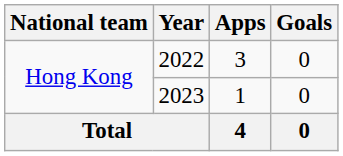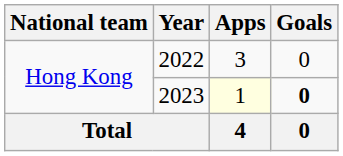 <table class="wikitable" style="text-align:center">
 <tr>
 <th>National team</th>
 <th>Year</th>
 <th>Apps</th>
 <th>Goals</th>
 </tr>
 <tr>
 <td rowspan="2"><a href='#'>Hong Kong</a></td>
 <td>2022</td>
 <td>3</td>
 <td>0</td>
 </tr>
 <tr>
 <td>2023</td>
-<td>1</td>
-<td>0</td>
+<td style="background: lightyellow;">1</td>
+<td><strong>0</strong></td>
 </tr>
 <tr>
 <th colspan=2>Total</th>
 <th>4</th>
 <th>0</th>
 </tr>
 </table>
